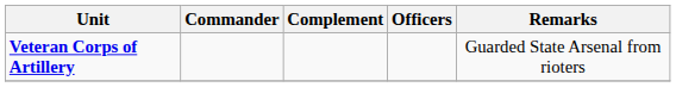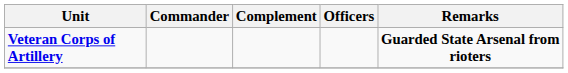 <table class="wikitable">
 <tr>
 <th>Unit</th>
 <th>Commander</th>
 <th>Complement</th>
 <th>Officers</th>
 <th>Remarks</th>
 </tr>
 <tr>
 <td><strong><a href='#'>Veteran Corps of Artillery</a></strong></td>
 <td align="center"></td>
 <td align="center"></td>
 <td align="center"></td>
-<td align="center">Guarded State Arsenal from rioters</td>
+<td align="center"><strong>Guarded State Arsenal from rioters</strong></td>
 </tr>
 <tr>
 </tr>
 </table>
